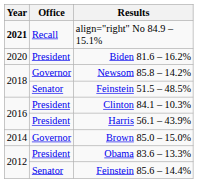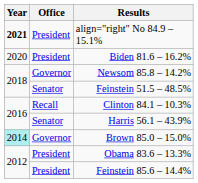 <table class=wikitable>
 <tr>
 <th width="30">Year</th>
 <th width="60">Office</th>
 <th width="180">Results</th>
 </tr>
 <tr>
 <td><strong>2021</strong></td>
-<td><a href='#'>Recall</a></td>
+<td><a href='#'>President</a></td>
 <td>align="right"  No 84.9 – 15.1%</td>
 </tr>
 <tr>
 <td rowspan="1">2020</td>
 <td><a href='#'>President</a></td>
 <td align="right" ><a href='#'>Biden</a> 81.6 – 16.2%</td>
 </tr>
 <tr>
 <td rowspan="2">2018</td>
 <td><a href='#'>Governor</a></td>
 <td align="right" ><a href='#'>Newsom</a> 85.8 – 14.2%</td>
 </tr>
 <tr>
 <td><a href='#'>Senator</a></td>
 <td align="right" ><a href='#'>Feinstein</a> 51.5 – 48.5%</td>
 </tr>
 <tr>
 <td rowspan="2">2016</td>
-<td><a href='#'>President</a></td>
+<td><a href='#'>Recall</a></td>
 <td align="right" ><a href='#'>Clinton</a> 84.1 – 10.3%</td>
 </tr>
 <tr>
-<td><a href='#'>President</a></td>
+<td><a href='#'>Senator</a></td>
 <td align="right" ><a href='#'>Harris</a> 56.1 – 43.9%</td>
 </tr>
 <tr>
-<td>2014</td>
+<td style="background: paleturquoise;">2014</td>
 <td><a href='#'>Governor</a></td>
 <td align="right" ><a href='#'>Brown</a> 85.0 – 15.0%</td>
 </tr>
 <tr>
 <td rowspan="2">2012</td>
 <td><a href='#'>President</a></td>
 <td align="right" ><a href='#'>Obama</a> 83.6 – 13.3%</td>
 </tr>
 <tr>
-<td><a href='#'>Senator</a></td>
+<td><a href='#'>President</a></td>
 <td align="right" ><a href='#'>Feinstein</a> 85.6 – 14.4%</td>
 </tr>
 </table>
